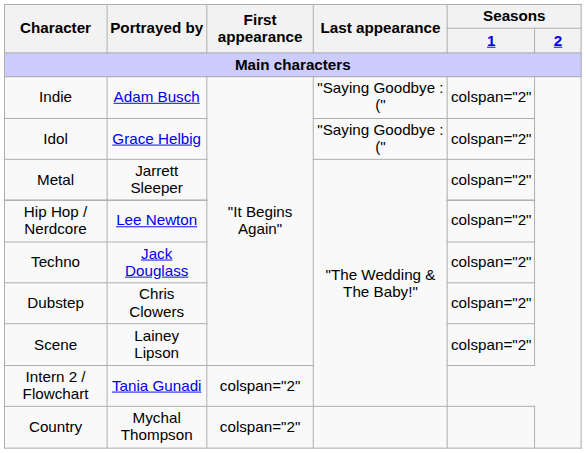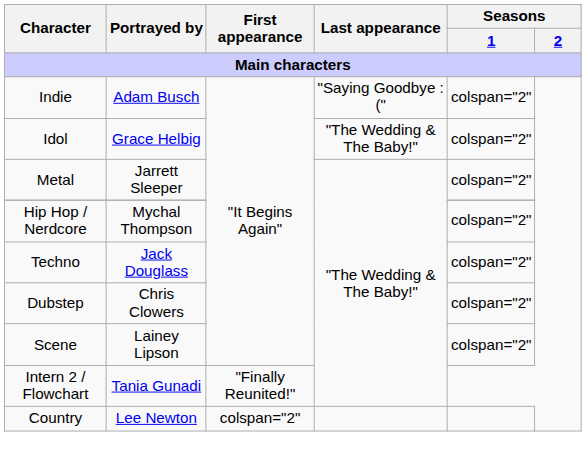 <table class="wikitable plainrowheaders" style="text-align:center;">
 <tr>
 <th scope="col" rowspan="2">Character</th>
 <th scope="col" rowspan="2">Portrayed by</th>
 <th scope="col" rowspan="2">First appearance</th>
 <th scope="col" rowspan="2">Last appearance</th>
 <th scope="col" colspan="5">Seasons</th>
 </tr>
 <tr>
 <th scope="col" style="width:8%;"><a href='#'>1</a></th>
 <th scope="col" style="width:8%;"><a href='#'>2</a></th>
 </tr>
 <tr>
 <th colspan="8" style="background:#ccf;">Main characters</th>
 </tr>
 <tr>
 <td scope="row">Indie</td>
 <td><a href='#'>Adam Busch</a></td>
 <td rowspan="8">"It Begins Again"</td>
 <td>"Saying Goodbye :("</td>
 <td>colspan="2" </td>
 </tr>
 <tr>
 <td scope="row">Idol</td>
 <td><a href='#'>Grace Helbig</a></td>
-<td>"Saying Goodbye :("</td>
+<td>"The Wedding & The Baby!"</td>
 <td>colspan="2" </td>
 </tr>
 <tr>
 <td scope="row">Metal</td>
 <td>Jarrett Sleeper</td>
 <td rowspan="7">"The Wedding & The Baby!"</td>
 <td>colspan="2" </td>
 </tr>
 <tr>
 </tr>
 <tr>
 <td scope="row">Hip Hop / Nerdcore</td>
-<td><a href='#'>Lee Newton</a></td>
+<td>Mychal Thompson</td>
 <td>colspan="2" </td>
 </tr>
 <tr>
 <td scope="row">Techno</td>
 <td><a href='#'>Jack Douglass</a></td>
 <td>colspan="2" </td>
 </tr>
 <tr>
 <td scope="row">Dubstep</td>
 <td>Chris Clowers</td>
 <td>colspan="2" </td>
 </tr>
 <tr>
 <td scope="row">Scene</td>
 <td>Lainey Lipson</td>
 <td>colspan="2" </td>
 </tr>
 <tr>
 <td scope="row">Intern 2 / Flowchart</td>
 <td><a href='#'>Tania Gunadi</a></td>
-<td>colspan="2" </td>
+<td>"Finally Reunited!"</td>
 </tr>
 <tr>
 <td scope="row">Country</td>
-<td>Mychal Thompson</td>
+<td><a href='#'>Lee Newton</a></td>
 <td>colspan="2" </td>
 <td></td>
 <td></td>
 </tr>
 </table>
